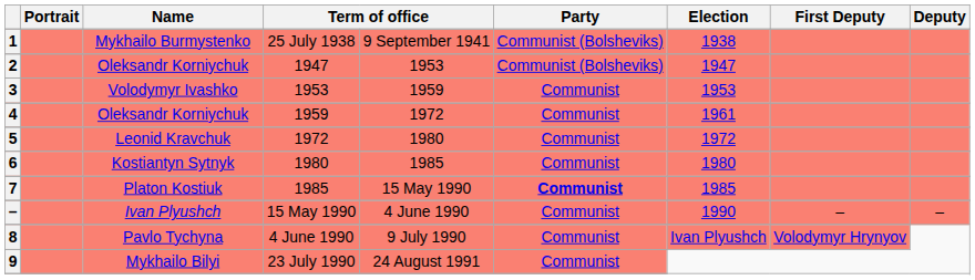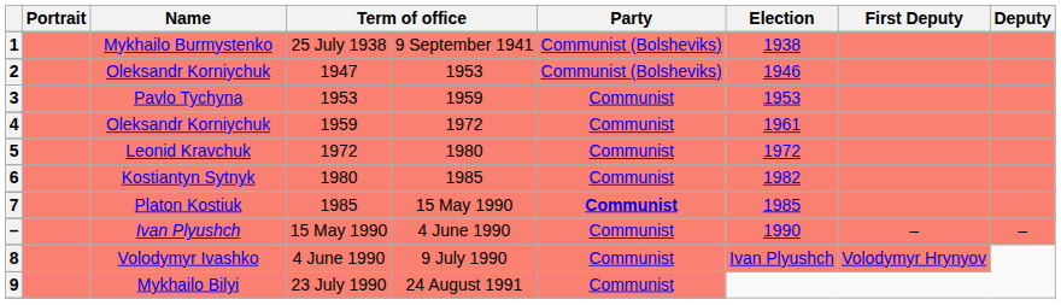 <table class="wikitable" style="text-align:center">
 <tr ->
 <th></th>
 <th>Portrait</th>
 <th width=180>Name</th>
 <th colspan=2>Term of office</th>
 <th>Party</th>
 <th>Election</th>
 <th>First Deputy</th>
 <th>Deputy</th>
 </tr>
 <tr ->
 </tr>
 <tr bgcolor="#FA8072">
 <th style="background:">1</th>
 <td></td>
 <td><a href='#'>Mykhailo Burmystenko</a></td>
 <td>25 July 1938</td>
 <td>9 September 1941</td>
 <td><a href='#'>Communist (Bolsheviks)</a></td>
 <td><a href='#'>1938</a></td>
 <td></td>
 <td></td>
 </tr>
 <tr style="background:#FFB6C1">
 </tr>
 <tr ->
 </tr>
 <tr bgcolor="#FA8072">
 <th style="background:">2</th>
 <td></td>
 <td><a href='#'>Oleksandr Korniychuk</a></td>
 <td>1947</td>
 <td>1953</td>
 <td><a href='#'>Communist (Bolsheviks)</a></td>
-<td><a href='#'>1947</a></td>
+<td><a href='#'>1946</a></td>
 <td></td>
 <td></td>
 </tr>
 <tr ->
 </tr>
 <tr bgcolor="#FA8072">
 <th style="background:">3</th>
 <td></td>
-<td><a href='#'>Volodymyr Ivashko</a></td>
+<td><a href='#'>Pavlo Tychyna</a></td>
 <td>1953</td>
 <td>1959</td>
 <td><a href='#'>Communist</a></td>
 <td><a href='#'>1953</a></td>
 <td></td>
 <td></td>
 </tr>
 <tr ->
 </tr>
 <tr bgcolor="#FA8072">
 <th style="background:">4</th>
 <td></td>
 <td><a href='#'>Oleksandr Korniychuk</a></td>
 <td>1959</td>
 <td>1972</td>
 <td><a href='#'>Communist</a></td>
 <td><a href='#'>1961</a></td>
 <td></td>
 <td></td>
 </tr>
 <tr ->
 </tr>
 <tr bgcolor="#FA8072">
 <th style="background:">5</th>
 <td></td>
 <td><a href='#'>Leonid Kravchuk</a></td>
 <td>1972</td>
 <td>1980</td>
 <td><a href='#'>Communist</a></td>
 <td><a href='#'>1972</a></td>
 <td></td>
 <td></td>
 </tr>
 <tr ->
 </tr>
 <tr bgcolor="#FA8072">
 <th style="background:">6</th>
 <td></td>
 <td><a href='#'>Kostiantyn Sytnyk</a></td>
 <td>1980</td>
 <td>1985</td>
 <td><a href='#'>Communist</a></td>
-<td><a href='#'>1980</a></td>
+<td><a href='#'>1982</a></td>
 <td></td>
 <td></td>
 </tr>
 <tr ->
 </tr>
 <tr bgcolor="#FA8072">
 <th style="background:">7</th>
 <td></td>
 <td><a href='#'>Platon Kostiuk</a></td>
 <td>1985</td>
 <td>15 May 1990</td>
 <td><strong><a href='#'>Communist</a></strong></td>
 <td><a href='#'>1985</a></td>
 <td></td>
 <td></td>
 </tr>
 <tr ->
 </tr>
 <tr bgcolor="#FA8072">
 <th style="background:">–</th>
 <td></td>
 <td><em><a href='#'>Ivan Plyushch</a></em></td>
 <td>15 May 1990</td>
 <td>4 June 1990</td>
 <td><a href='#'>Communist</a></td>
 <td><a href='#'>1990</a></td>
 <td>–</td>
 <td>–</td>
 </tr>
 <tr ->
 </tr>
 <tr bgcolor="#FA8072">
 <th style="background:">8</th>
 <td></td>
-<td><a href='#'>Pavlo Tychyna</a></td>
+<td><a href='#'>Volodymyr Ivashko</a></td>
 <td>4 June 1990</td>
 <td>9 July 1990</td>
 <td><a href='#'>Communist</a></td>
 <td rowspan=2><a href='#'>Ivan Plyushch</a></td>
 <td rowspan=2><a href='#'>Volodymyr Hrynyov</a></td>
 </tr>
 <tr ->
 </tr>
 <tr bgcolor="#FA8072">
 <th style="background:">9</th>
 <td></td>
 <td><a href='#'>Mykhailo Bilyi</a></td>
 <td>23 July 1990</td>
 <td>24 August 1991</td>
 <td><a href='#'>Communist</a></td>
 </tr>
 <tr ->
 </tr>
 </table>
